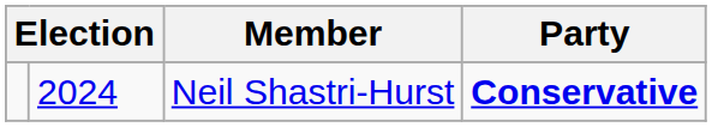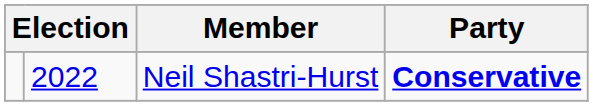 <table class="wikitable">
 <tr>
 <th colspan="2">Election</th>
 <th>Member</th>
 <th>Party</th>
 </tr>
 <tr>
 <td style="color:inherit;background-color: "></td>
-<td><a href='#'>2024</a></td>
+<td><a href='#'>2022</a></td>
 <td><a href='#'>Neil Shastri-Hurst</a></td>
 <td><strong><a href='#'>Conservative</a></strong></td>
 </tr>
 </table>
